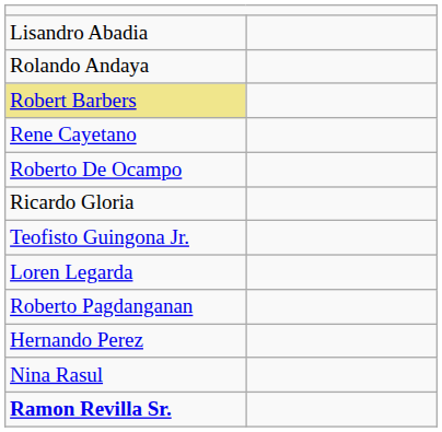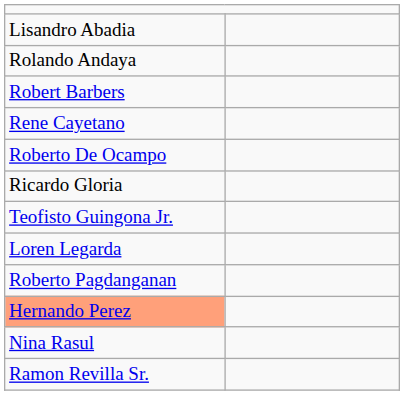 <table class=wikitable style="font-size:90%" width=300px>
 <tr>
 <td colspan=4 bgcolor=></td>
 </tr>
 <tr>
 <td width=160px>Lisandro Abadia</td>
 <td></td>
 </tr>
 <tr>
 <td>Rolando Andaya</td>
 <td></td>
 </tr>
 <tr>
-<td style="background: khaki;"><a href='#'>Robert Barbers</a></td>
+<td><a href='#'>Robert Barbers</a></td>
 <td></td>
 </tr>
 <tr>
 <td><a href='#'>Rene Cayetano</a></td>
 <td></td>
 </tr>
 <tr>
 <td><a href='#'>Roberto De Ocampo</a></td>
 <td></td>
 </tr>
 <tr>
 <td>Ricardo Gloria</td>
 <td></td>
 </tr>
 <tr>
 <td><a href='#'>Teofisto Guingona Jr.</a></td>
 <td></td>
 </tr>
 <tr>
 <td><a href='#'>Loren Legarda</a></td>
 <td></td>
 </tr>
 <tr>
 <td><a href='#'>Roberto Pagdanganan</a></td>
 <td></td>
 </tr>
 <tr>
-<td><a href='#'>Hernando Perez</a></td>
+<td style="background: lightsalmon;"><a href='#'>Hernando Perez</a></td>
 <td></td>
 </tr>
 <tr>
 <td><a href='#'>Nina Rasul</a></td>
 <td></td>
 </tr>
 <tr>
-<td><strong><a href='#'>Ramon Revilla Sr.</a></strong></td>
+<td><a href='#'>Ramon Revilla Sr.</a></td>
 <td></td>
 </tr>
 </table>
